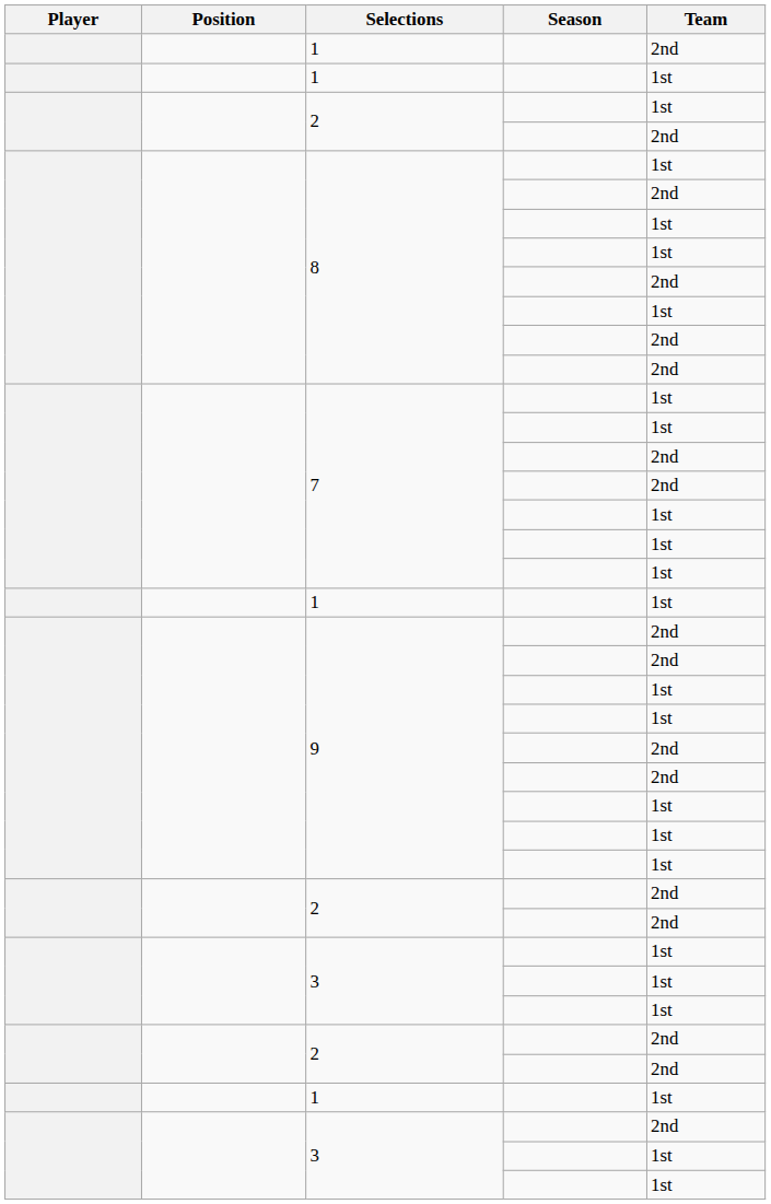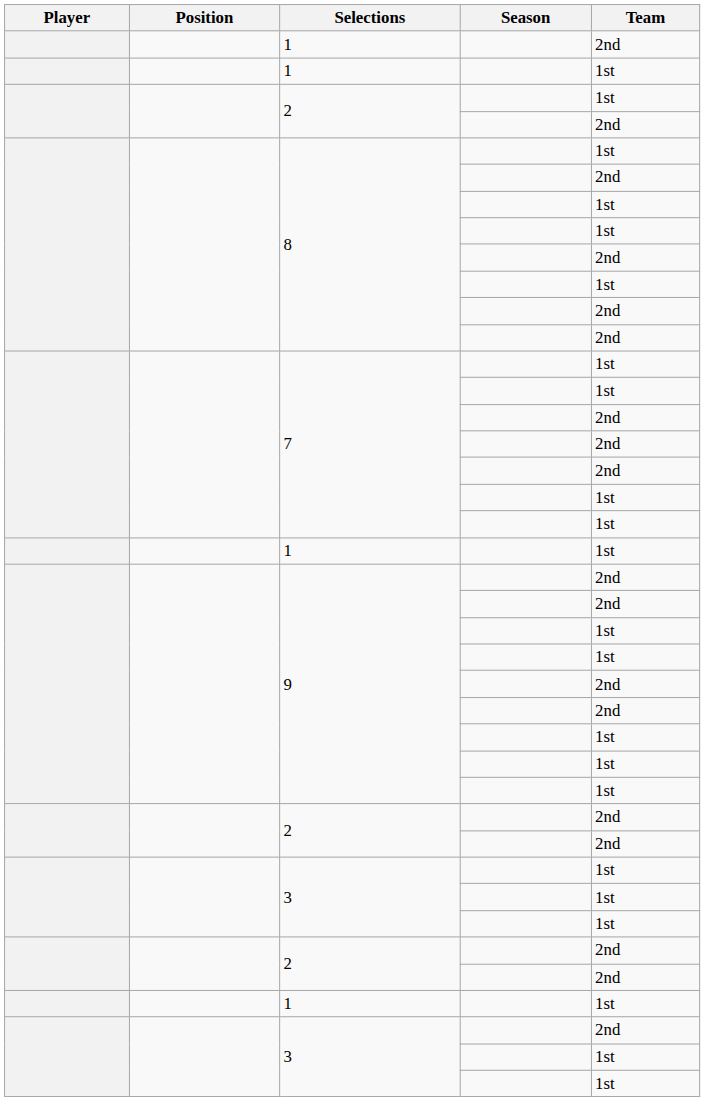 <table class="wikitable sortable" width="75%">
 <tr>
 <th scope="col">Player</th>
 <th scope="col">Position</th>
 <th scope="col">Selections</th>
 <th scope="col">Season</th>
 <th scope="col">Team</th>
 </tr>
 <tr>
 <th scope="row"></th>
 <td></td>
 <td>1</td>
 <td></td>
 <td>2nd</td>
 </tr>
 <tr>
 <th scope="row"></th>
 <td></td>
 <td>1</td>
 <td></td>
 <td>1st</td>
 </tr>
 <tr>
 <th scope="row" rowspan="2"></th>
 <td rowspan="2"></td>
 <td rowspan="2">2</td>
 <td></td>
 <td>1st</td>
 </tr>
 <tr>
 <td></td>
 <td>2nd</td>
 </tr>
 <tr>
 <th scope="row" rowspan="8"></th>
 <td rowspan="8"></td>
 <td rowspan="8">8</td>
 <td></td>
 <td>1st</td>
 </tr>
 <tr>
 <td></td>
 <td>2nd</td>
 </tr>
 <tr>
 <td></td>
 <td>1st</td>
 </tr>
 <tr>
 <td></td>
 <td>1st</td>
 </tr>
 <tr>
 <td></td>
 <td>2nd</td>
 </tr>
 <tr>
 <td></td>
 <td>1st</td>
 </tr>
 <tr>
 <td></td>
 <td>2nd</td>
 </tr>
 <tr>
 <td></td>
 <td>2nd</td>
 </tr>
 <tr>
 <th scope="row" rowspan="7"></th>
 <td rowspan="7"></td>
 <td rowspan="7">7</td>
 <td></td>
 <td>1st</td>
 </tr>
 <tr>
 <td></td>
 <td>1st</td>
 </tr>
 <tr>
 <td></td>
 <td>2nd</td>
 </tr>
 <tr>
 <td></td>
 <td>2nd</td>
 </tr>
 <tr>
 <td></td>
-<td>1st</td>
+<td>2nd</td>
 </tr>
 <tr>
 <td></td>
 <td>1st</td>
 </tr>
 <tr>
 <td></td>
 <td>1st</td>
 </tr>
 <tr>
 <th scope="row"></th>
 <td></td>
 <td>1</td>
 <td></td>
 <td>1st</td>
 </tr>
 <tr>
 <th scope="row" rowspan="9"></th>
 <td rowspan="9"></td>
 <td rowspan="9">9</td>
 <td></td>
 <td>2nd</td>
 </tr>
 <tr>
 <td></td>
 <td>2nd</td>
 </tr>
 <tr>
 <td></td>
 <td>1st</td>
 </tr>
 <tr>
 <td></td>
 <td>1st</td>
 </tr>
 <tr>
 <td></td>
 <td>2nd</td>
 </tr>
 <tr>
 <td></td>
 <td>2nd</td>
 </tr>
 <tr>
 <td></td>
 <td>1st</td>
 </tr>
 <tr>
 <td></td>
 <td>1st</td>
 </tr>
 <tr>
 <td></td>
 <td>1st</td>
 </tr>
 <tr>
 <th scope="row" rowspan="2"></th>
 <td rowspan="2"></td>
 <td rowspan="2">2</td>
 <td></td>
 <td>2nd</td>
 </tr>
 <tr>
 <td></td>
 <td>2nd</td>
 </tr>
 <tr>
 <th scope="row" rowspan="3"></th>
 <td rowspan="3"></td>
 <td rowspan="3">3</td>
 <td></td>
 <td>1st</td>
 </tr>
 <tr>
 <td></td>
 <td>1st</td>
 </tr>
 <tr>
 <td></td>
 <td>1st</td>
 </tr>
 <tr>
 <th scope="row" rowspan="2"></th>
 <td rowspan="2"></td>
 <td rowspan="2">2</td>
 <td></td>
 <td>2nd</td>
 </tr>
 <tr>
 <td></td>
 <td>2nd</td>
 </tr>
 <tr>
 <th scope="row"></th>
 <td></td>
 <td>1</td>
 <td></td>
 <td>1st</td>
 </tr>
 <tr>
 <th scope="row" rowspan="3"></th>
 <td rowspan="3"></td>
 <td rowspan="3">3</td>
 <td></td>
 <td>2nd</td>
 </tr>
 <tr>
 <td></td>
 <td>1st</td>
 </tr>
 <tr>
 <td></td>
 <td>1st</td>
 </tr>
 </table>
